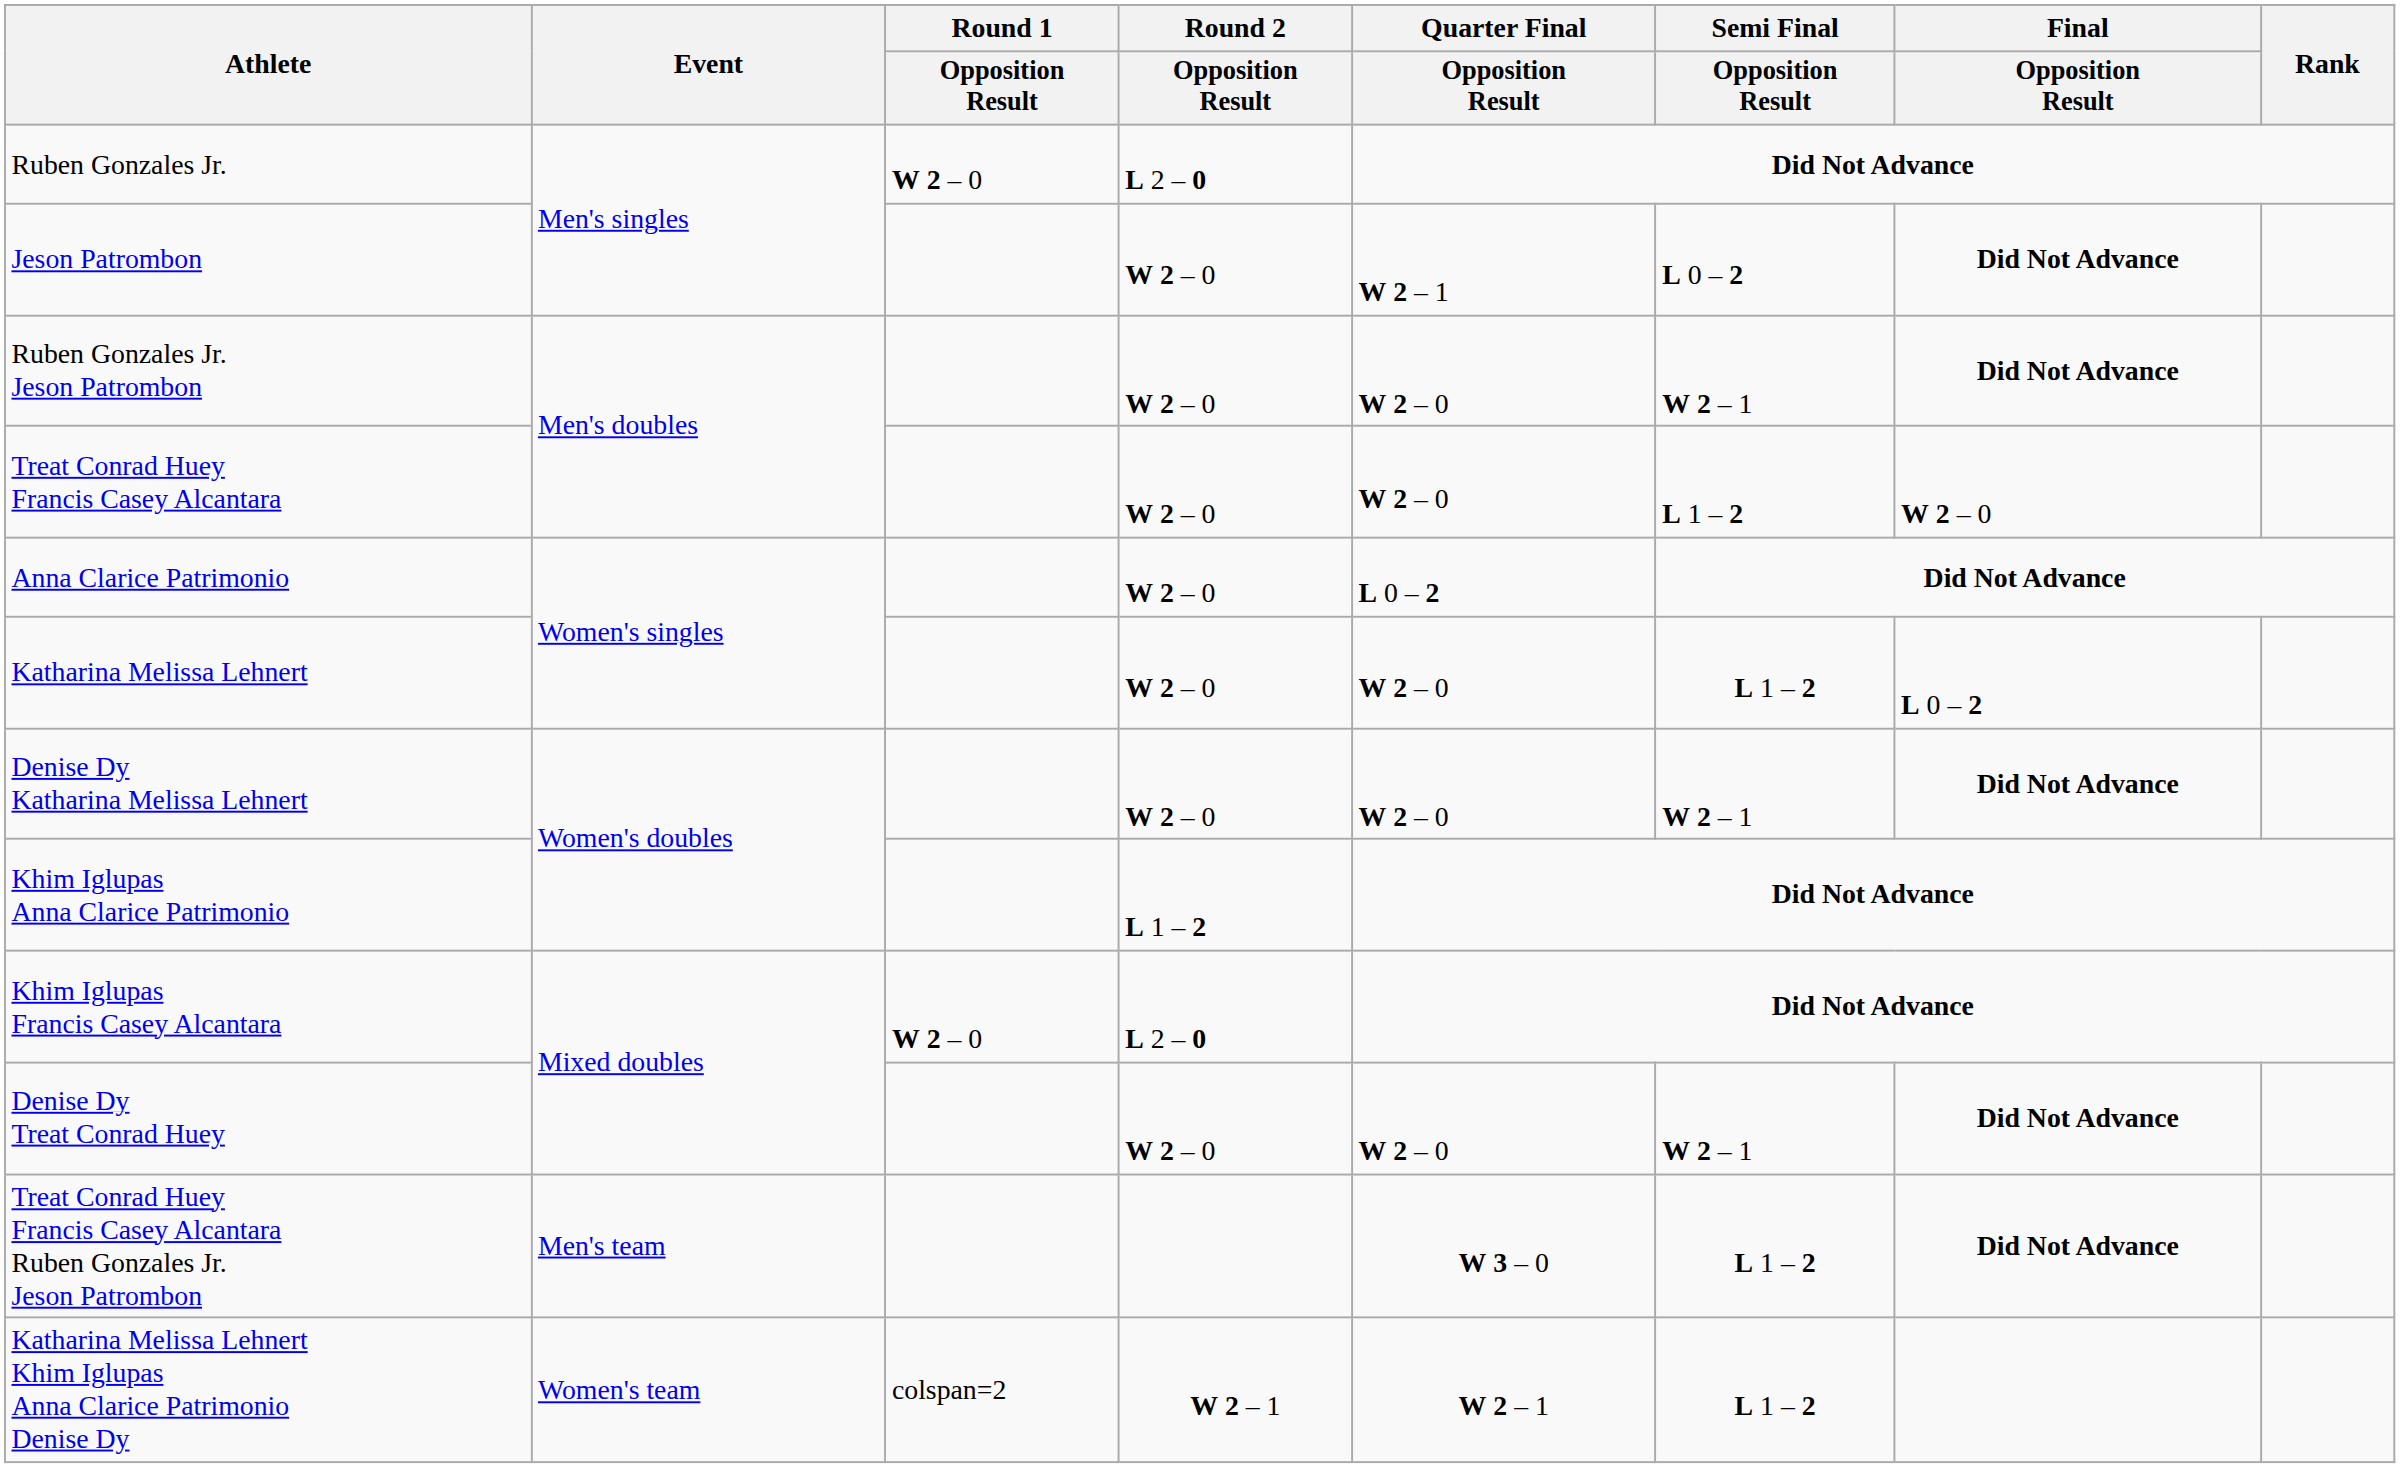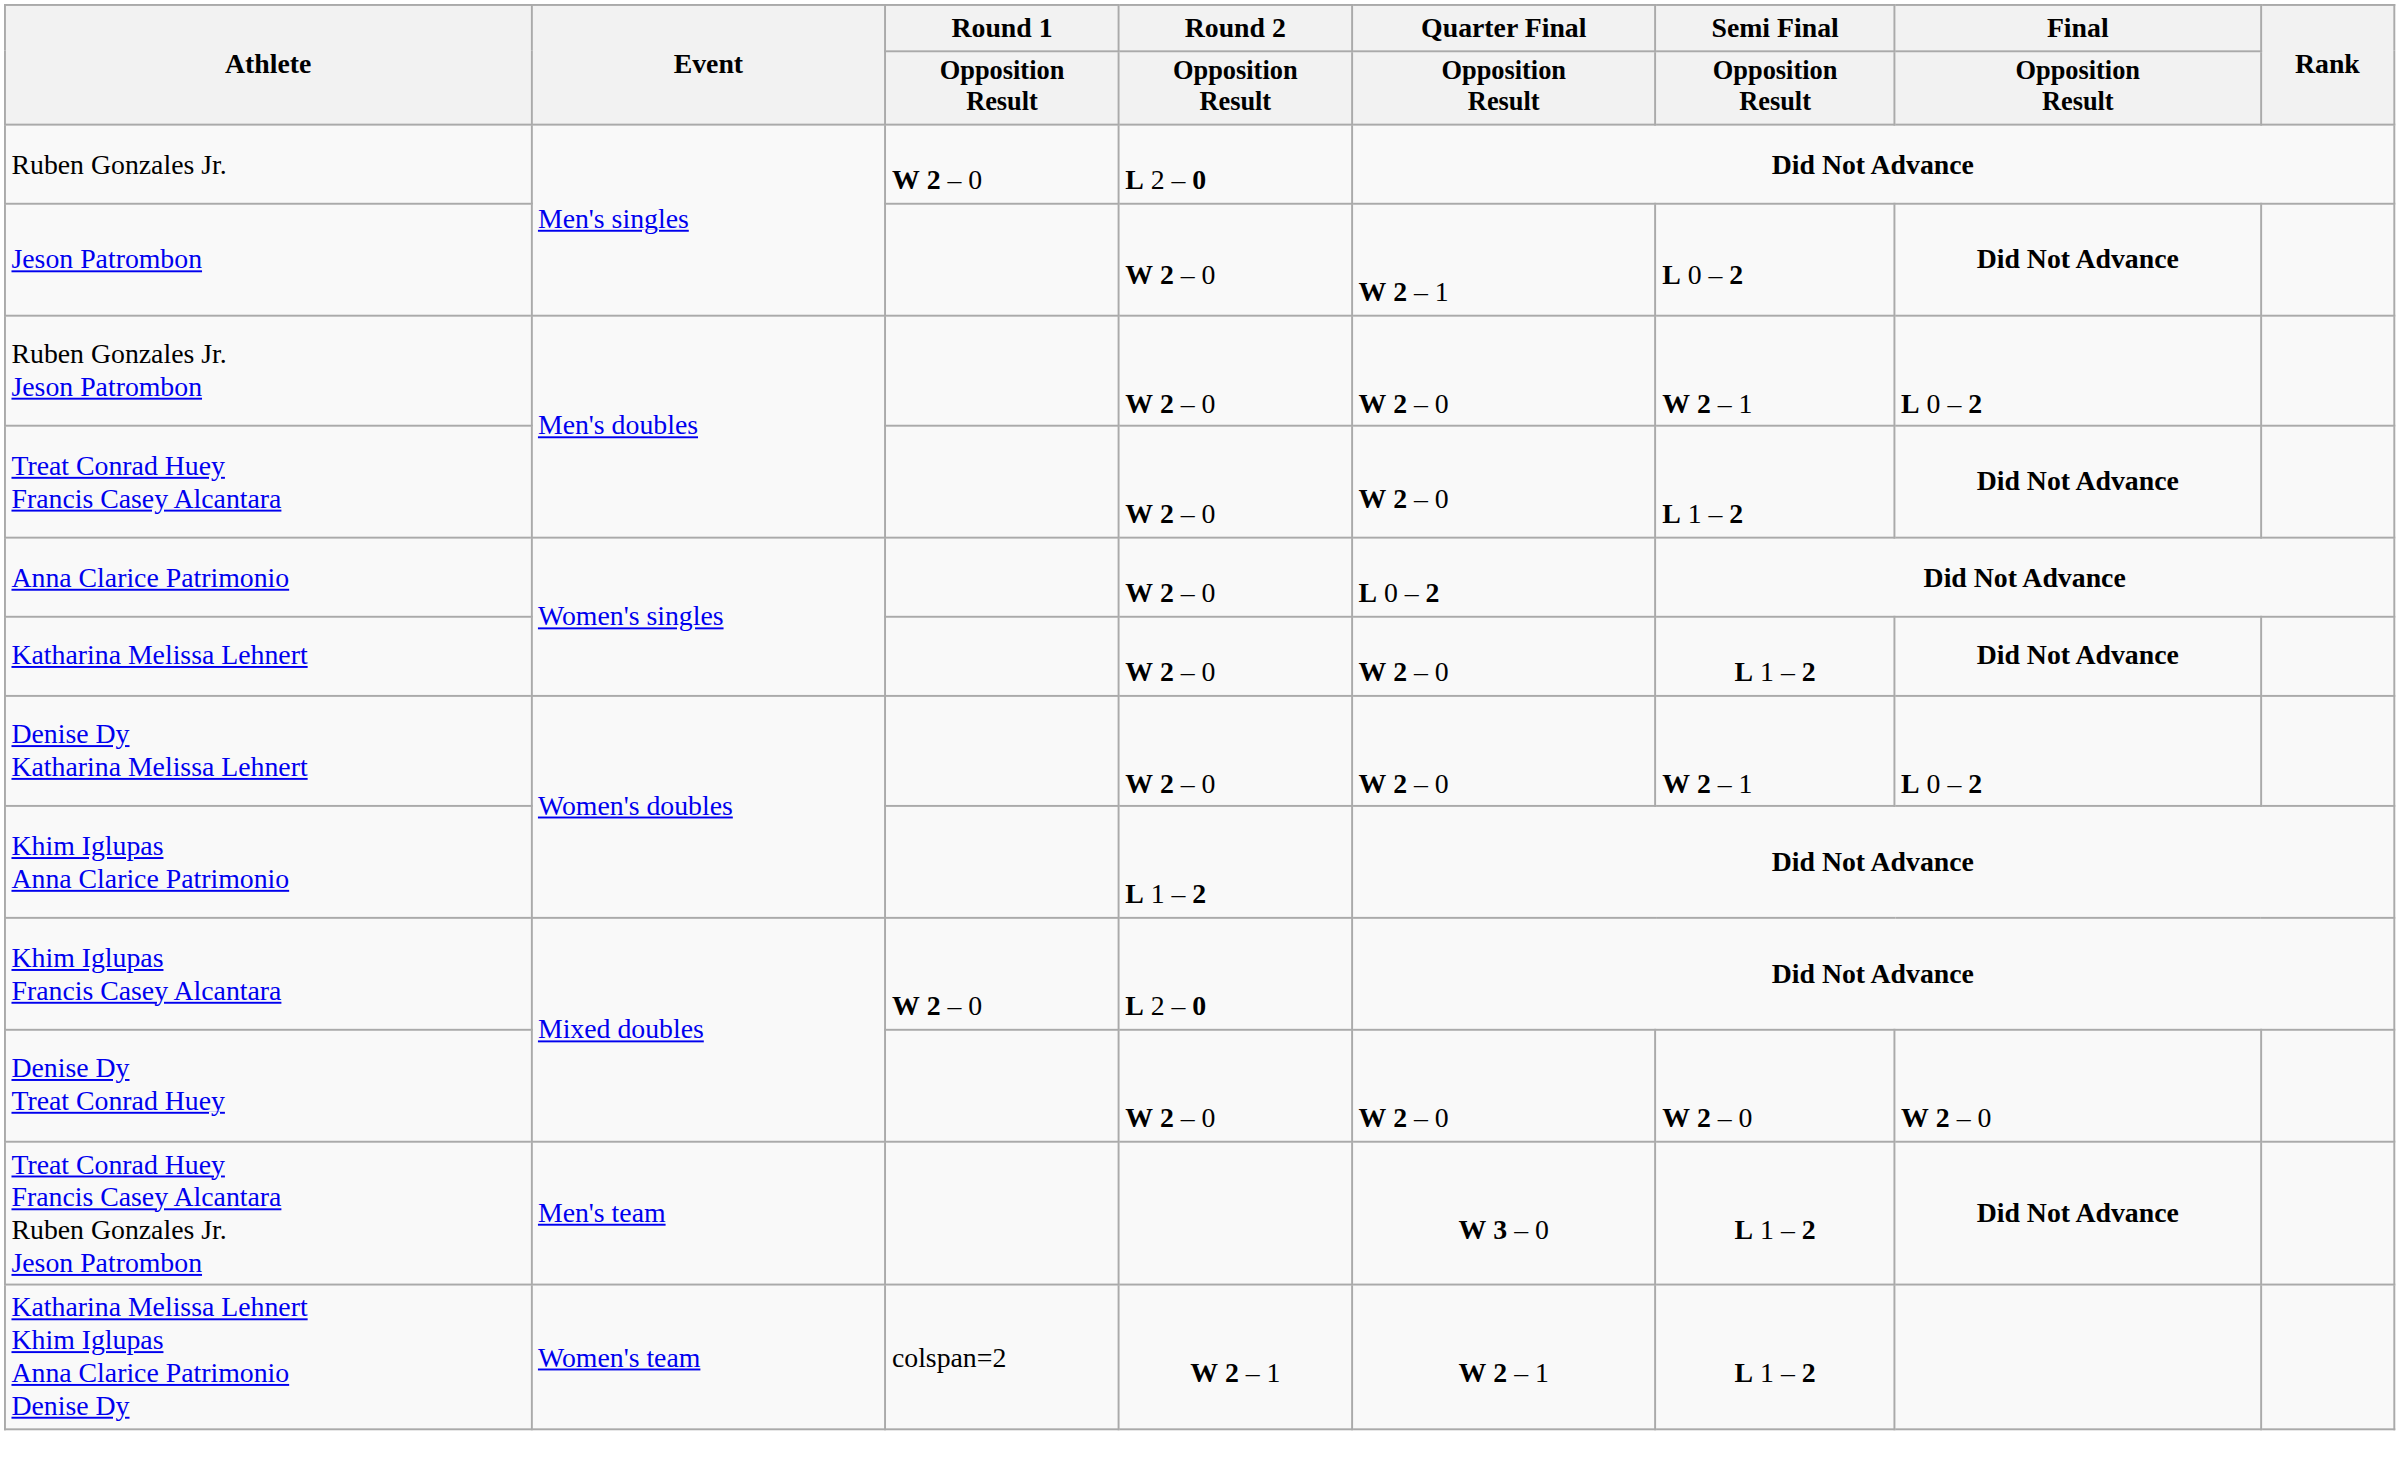 <table class="wikitable" width="98%" style="text-align:left; font-size:90%">
 <tr>
 <th rowspan=2>Athlete</th>
 <th rowspan=2>Event</th>
 <th>Round 1</th>
 <th>Round 2</th>
 <th>Quarter Final</th>
 <th>Semi Final</th>
 <th>Final</th>
 <th rowspan=2>Rank</th>
 </tr>
 <tr style="font-size:95%">
 <th>Opposition<br>Result</th>
 <th>Opposition<br>Result</th>
 <th>Opposition<br>Result</th>
 <th>Opposition<br>Result</th>
 <th>Opposition<br>Result</th>
 </tr>
 <tr>
 <td>Ruben Gonzales Jr.</td>
 <td rowspan=2><a href='#'>Men's singles</a></td>
 <td> <br> <strong>W</strong> <strong>2</strong> – 0</td>
 <td> <br> <strong>L</strong> 2 – <strong>0</strong></td>
 <td style="text-align:center;" colspan=4><strong>Did Not Advance</strong></td>
 </tr>
 <tr>
 <td><a href='#'>Jeson Patrombon</a></td>
 <td></td>
 <td> <br> <strong>W</strong> <strong>2</strong> – 0</td>
 <td> <br>  <br> <strong>W</strong> <strong>2</strong> – 1</td>
 <td> <br> <strong>L</strong> 0 – <strong>2</strong></td>
 <td style="text-align:center;" colspan=1><strong>Did Not Advance</strong></td>
 <td style="text-align:center;"></td>
 </tr>
 <tr>
 <td>Ruben Gonzales Jr.<br><a href='#'>Jeson Patrombon</a></td>
 <td rowspan=2><a href='#'>Men's doubles</a></td>
 <td></td>
 <td> <br>  <br> <strong>W</strong> <strong>2</strong> – 0</td>
 <td> <br>  <br> <strong>W</strong> <strong>2</strong> – 0</td>
 <td> <br>  <br> <strong>W</strong> <strong>2</strong> – 1</td>
-<td style="text-align:center;"><strong>Did Not Advance</strong></td>
+<td> <br>  <br> <strong>L</strong> 0 – <strong>2</strong></td>
 <td style="text-align:center;"></td>
 </tr>
 <tr>
 <td><a href='#'>Treat Conrad Huey</a><br><a href='#'>Francis Casey Alcantara</a></td>
 <td></td>
 <td> <br>  <br> <strong>W</strong> <strong>2</strong> – 0</td>
 <td> <br> <strong>W</strong> <strong>2</strong> – 0</td>
 <td> <br>  <br> <strong>L</strong> 1 – <strong>2</strong></td>
-<td> <br>  <br> <strong>W</strong> <strong>2</strong> – 0</td>
+<td style="text-align:center;" colspan=1><strong>Did Not Advance</strong></td>
 <td style="text-align:center;"></td>
 </tr>
 <tr>
 <td><a href='#'>Anna Clarice Patrimonio</a></td>
 <td rowspan=2><a href='#'>Women's singles</a></td>
 <td></td>
 <td> <br> <strong>W</strong> <strong>2</strong> – 0</td>
 <td> <br> <strong>L</strong> 0 – <strong>2</strong></td>
 <td style="text-align:center;" colspan=4><strong>Did Not Advance</strong></td>
 </tr>
 <tr>
 <td><a href='#'>Katharina Melissa Lehnert</a></td>
 <td></td>
 <td> <br> <strong>W</strong> <strong>2</strong> – 0</td>
 <td> <br> <strong>W</strong> <strong>2</strong> – 0</td>
 <td style="text-align:center;"> <br> <strong>L</strong> 1 – <strong>2</strong></td>
-<td> <br>  <br> <strong>L</strong> 0 – <strong>2</strong></td>
+<td style="text-align:center;" colspan=1><strong>Did Not Advance</strong></td>
 <td style="text-align:center;"></td>
 </tr>
 <tr>
 <td><a href='#'>Denise Dy</a><br><a href='#'>Katharina Melissa Lehnert</a></td>
 <td rowspan=2><a href='#'>Women's doubles</a></td>
 <td></td>
 <td> <br>  <br> <strong>W</strong> <strong>2</strong> – 0</td>
 <td> <br>  <br> <strong>W</strong> <strong>2</strong> – 0</td>
 <td> <br>  <br> <strong>W</strong> <strong>2</strong> – 1</td>
-<td style="text-align:center;" colspan=1><strong>Did Not Advance</strong></td>
+<td> <br>  <br> <strong>L</strong> 0 – <strong>2</strong></td>
 <td style="text-align:center;"></td>
 </tr>
 <tr>
 <td><a href='#'>Khim Iglupas</a><br><a href='#'>Anna Clarice Patrimonio</a></td>
 <td></td>
 <td> <br>  <br> <strong>L</strong> 1 – <strong>2</strong></td>
 <td style="text-align:center;" colspan=4><strong>Did Not Advance</strong></td>
 </tr>
 <tr>
 <td><a href='#'>Khim Iglupas</a><br><a href='#'>Francis Casey Alcantara</a></td>
 <td rowspan=2><a href='#'>Mixed doubles</a></td>
 <td> <br>  <br> <strong>W</strong> <strong>2</strong> – 0</td>
 <td> <br>  <br> <strong>L</strong> 2 – <strong>0</strong></td>
 <td style="text-align:center;" colspan=4><strong>Did Not Advance</strong></td>
 </tr>
 <tr>
 <td><a href='#'>Denise Dy</a><br><a href='#'>Treat Conrad Huey</a></td>
 <td></td>
 <td> <br>  <br> <strong>W</strong> <strong>2</strong> – 0</td>
 <td> <br>  <br> <strong>W</strong> <strong>2</strong> – 0</td>
-<td> <br>  <br> <strong>W</strong> <strong>2</strong> – 1</td>
-<td style="text-align:center;" colspan=1><strong>Did Not Advance</strong></td>
+<td> <br>  <br> <strong>W</strong> <strong>2</strong> – 0</td>
+<td> <br>  <br> <strong>W</strong> <strong>2</strong> – 0</td>
 <td style="text-align:center;"></td>
 </tr>
 <tr>
 <td><a href='#'>Treat Conrad Huey</a><br><a href='#'>Francis Casey Alcantara</a><br>Ruben Gonzales Jr.<br><a href='#'>Jeson Patrombon</a></td>
 <td><a href='#'>Men's team</a></td>
 <td></td>
 <td></td>
 <td style="text-align:center;"> <br> <strong>W</strong> <strong>3</strong> – 0</td>
 <td style="text-align:center;"> <br> <strong>L</strong> 1 – <strong>2</strong></td>
 <td style="text-align:center;"><strong>Did Not Advance</strong></td>
 <td style="text-align:center;"></td>
 </tr>
 <tr>
 <td><a href='#'>Katharina Melissa Lehnert</a><br><a href='#'>Khim Iglupas</a><br><a href='#'>Anna Clarice Patrimonio</a><br><a href='#'>Denise Dy</a></td>
 <td><a href='#'>Women's team</a></td>
 <td>colspan=2 </td>
 <td style="text-align:center;"> <br> <strong>W</strong> <strong>2</strong> – 1</td>
 <td style="text-align:center;"> <br> <strong>W</strong> <strong>2</strong> – 1</td>
 <td style="text-align:center;"> <br> <strong>L</strong> 1 – <strong>2</strong></td>
 <td style="text-align:center;"></td>
 </tr>
 </table>
